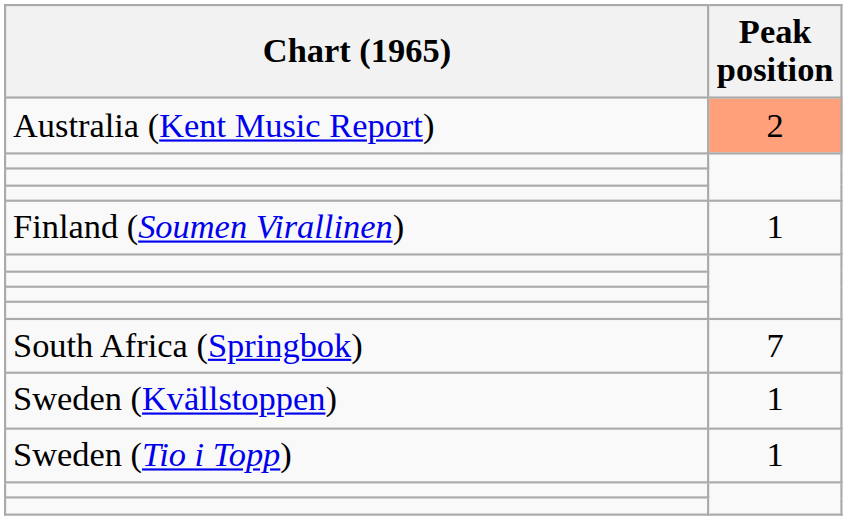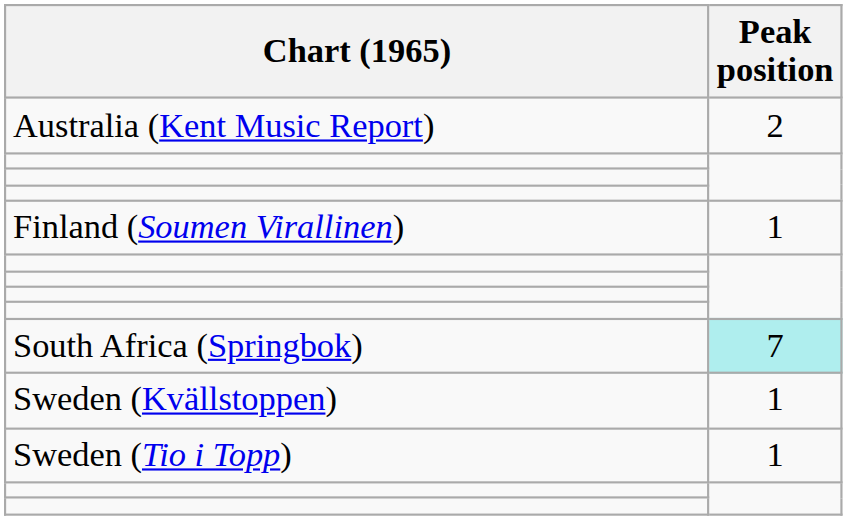 <table class="wikitable sortable">
 <tr>
 <th style="width:20em;">Chart (1965)</th>
 <th>Peak<br>position</th>
 </tr>
 <tr>
 <td>Australia (<a href='#'>Kent Music Report</a>)</td>
-<td style="background: lightsalmon; text-align:center;">2</td>
+<td style="text-align:center;">2</td>
 </tr>
 <tr>
 <td></td>
 </tr>
 <tr>
 <td></td>
 </tr>
 <tr>
 <td></td>
 </tr>
 <tr>
 <td align="left">Finland (<a href='#'><em>Soumen Virallinen</em></a>)</td>
 <td style="text-align:center;">1</td>
 </tr>
 <tr>
 <td></td>
 </tr>
 <tr>
 <td></td>
 </tr>
 <tr>
 <td></td>
 </tr>
 <tr>
 <td></td>
 </tr>
 <tr>
 <td>South Africa (<a href='#'>Springbok</a>)</td>
-<td align="center">7</td>
+<td align="center" style="background: paleturquoise;">7</td>
 </tr>
 <tr>
 <td>Sweden (<a href='#'>Kvällstoppen</a>)</td>
 <td style="text-align:center;">1</td>
 </tr>
 <tr>
 <td>Sweden (<em><a href='#'>Tio i Topp</a></em>)</td>
 <td style="text-align:center;">1</td>
 </tr>
 <tr>
 <td></td>
 </tr>
 <tr>
 <td></td>
 </tr>
 </table>
